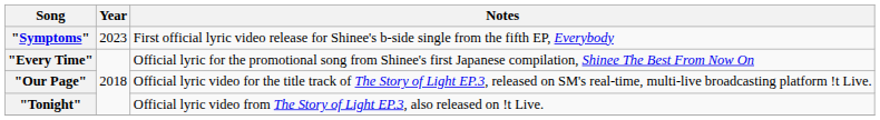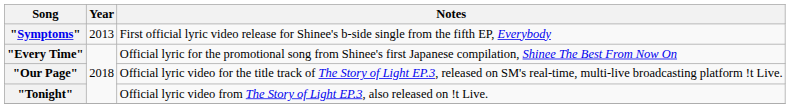 <table class="wikitable plainrowheaders">
 <tr>
 <th scope="col">Song</th>
 <th scope="col">Year</th>
 <th scope="col">Notes</th>
 </tr>
 <tr>
 <th scope="row">"<a href='#'>Symptoms</a>"</th>
-<td>2023</td>
+<td>2013</td>
 <td>First official lyric video release for Shinee's b-side single from the fifth EP, <em><a href='#'>Everybody</a></em></td>
 </tr>
 <tr>
 <th scope="row">"Every Time"</th>
 <td rowspan="3">2018</td>
 <td>Official lyric for the promotional song from Shinee's first Japanese compilation, <em><a href='#'>Shinee The Best From Now On</a></em></td>
 </tr>
 <tr>
 <th scope="row">"Our Page"</th>
 <td>Official lyric video for the title track of <em><a href='#'>The Story of Light EP.3</a></em>, released on SM's real-time, multi-live broadcasting platform !t Live.</td>
 </tr>
 <tr>
 <th scope="row">"Tonight"</th>
 <td>Official lyric video from <em><a href='#'>The Story of Light EP.3</a></em>, also released on !t Live.</td>
 </tr>
 <tr>
 </tr>
 </table>
